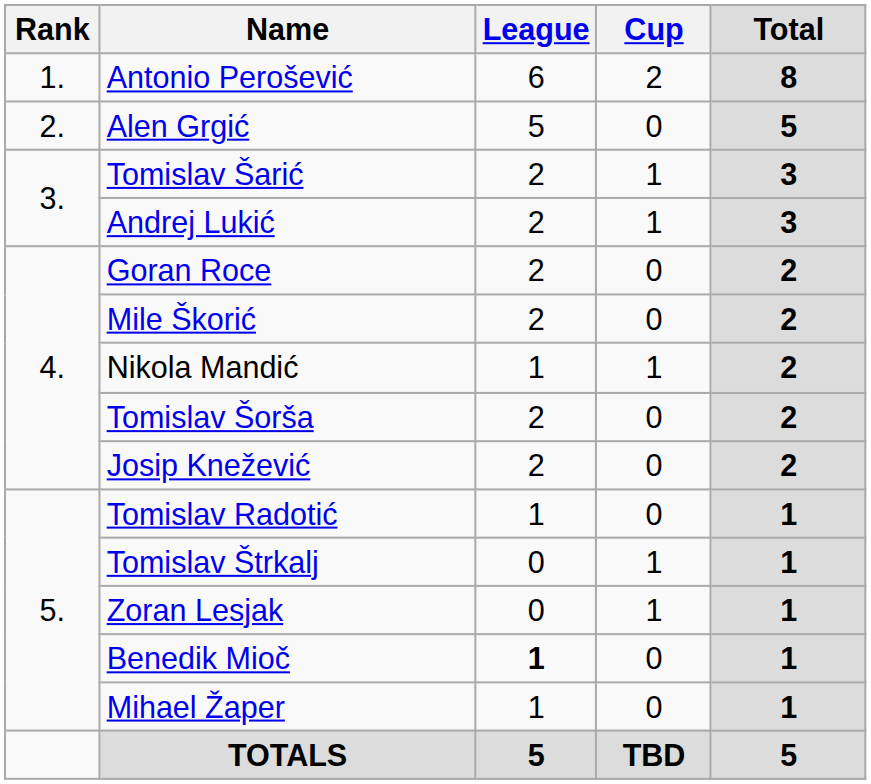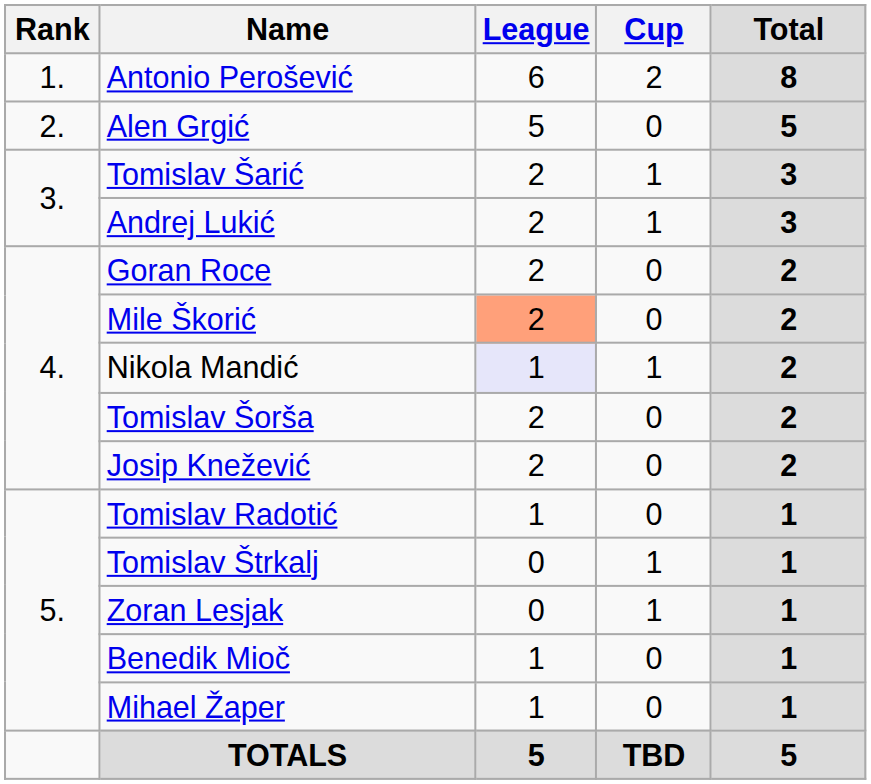 <table class="wikitable" style="font-size: 95%; text-align: center;">
 <tr>
 <th width=40>Rank</th>
 <th width=180>Name</th>
 <th width=50><a href='#'>League</a></th>
 <th width=50><a href='#'>Cup</a></th>
 <th width=70 style="background: #DCDCDC">Total</th>
 </tr>
 <tr>
 <td rowspan=1>1.</td>
 <td style="text-align:left;"> <a href='#'>Antonio Perošević</a></td>
 <td>6</td>
 <td>2</td>
 <th style="background: #DCDCDC">8</th>
 </tr>
 <tr>
 <td rowspan=1>2.</td>
 <td style="text-align:left;"> <a href='#'>Alen Grgić</a></td>
 <td>5</td>
 <td>0</td>
 <th style="background: #DCDCDC">5</th>
 </tr>
 <tr>
 <td rowspan=2>3.</td>
 <td style="text-align:left;"> <a href='#'>Tomislav Šarić</a></td>
 <td>2</td>
 <td>1</td>
 <th style="background: #DCDCDC">3</th>
 </tr>
 <tr>
 <td style="text-align:left;"> <a href='#'>Andrej Lukić</a></td>
 <td>2</td>
 <td>1</td>
 <th style="background: #DCDCDC">3</th>
 </tr>
 <tr>
 <td rowspan=5>4.</td>
 <td style="text-align:left;"> <a href='#'>Goran Roce</a></td>
 <td>2</td>
 <td>0</td>
 <th style="background: #DCDCDC">2</th>
 </tr>
 <tr>
 <td style="text-align:left;"> <a href='#'>Mile Škorić</a></td>
-<td>2</td>
+<td style="background: lightsalmon;">2</td>
 <td>0</td>
 <th style="background: #DCDCDC">2</th>
 </tr>
 <tr>
 <td style="text-align:left;"> Nikola Mandić</td>
-<td>1</td>
+<td style="background: lavender;">1</td>
 <td>1</td>
 <th style="background: #DCDCDC">2</th>
 </tr>
 <tr>
 <td style="text-align:left;"> <a href='#'>Tomislav Šorša</a></td>
 <td>2</td>
 <td>0</td>
 <th style="background: #DCDCDC">2</th>
 </tr>
 <tr>
 <td style="text-align:left;"> <a href='#'>Josip Knežević</a></td>
 <td>2</td>
 <td>0</td>
 <th style="background: #DCDCDC">2</th>
 </tr>
 <tr>
 <td rowspan=5>5.</td>
 <td style="text-align:left;"> <a href='#'>Tomislav Radotić</a></td>
 <td>1</td>
 <td>0</td>
 <th style="background: #DCDCDC">1</th>
 </tr>
 <tr>
 <td style="text-align:left;"> <a href='#'>Tomislav Štrkalj</a></td>
 <td>0</td>
 <td>1</td>
 <th style="background: #DCDCDC">1</th>
 </tr>
 <tr>
 <td style="text-align:left;"> <a href='#'>Zoran Lesjak</a></td>
 <td>0</td>
 <td>1</td>
 <th style="background: #DCDCDC">1</th>
 </tr>
 <tr>
 <td style="text-align:left;"> <a href='#'>Benedik Mioč</a></td>
-<td><strong>1</strong></td>
+<td>1</td>
 <td>0</td>
 <th style="background: #DCDCDC">1</th>
 </tr>
 <tr>
 <td style="text-align:left;"> <a href='#'>Mihael Žaper</a></td>
 <td>1</td>
 <td>0</td>
 <th style="background: #DCDCDC">1</th>
 </tr>
 <tr>
 <td></td>
 <th style="background: #DCDCDC">TOTALS</th>
 <th style="background: #DCDCDC">5</th>
 <th style="background: #DCDCDC">TBD</th>
 <th style="background: #DCDCDC">5</th>
 </tr>
 </table>
